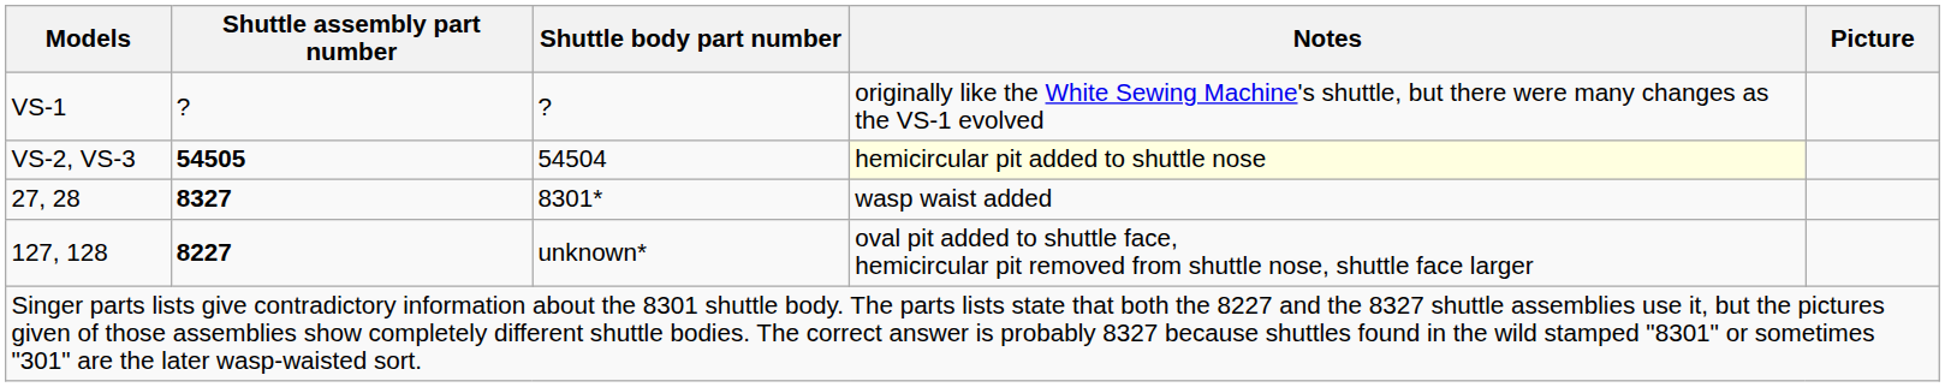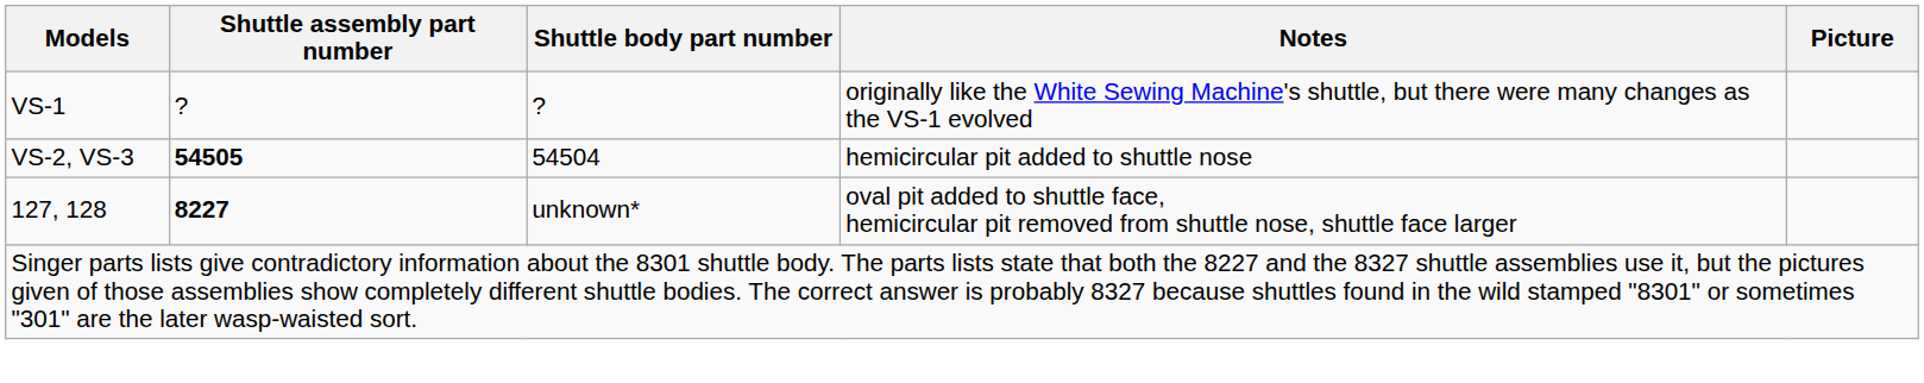 <table border="1" class="wikitable" align="center">
 <tr>
 <th>Models</th>
 <th>Shuttle assembly part number</th>
 <th>Shuttle body part number</th>
 <th>Notes</th>
 <th>Picture</th>
 </tr>
 <tr>
 <td>VS-1</td>
 <td>?</td>
 <td>?</td>
 <td>originally like the <a href='#'>White Sewing Machine</a>'s shuttle, but there were many changes as the VS-1 evolved</td>
 <td></td>
 </tr>
 <tr>
 <td>VS-2, VS-3</td>
 <td><strong>54505</strong></td>
 <td>54504</td>
-<td style="background: lightyellow;">hemicircular pit added to shuttle nose</td>
-<td></td>
-</tr>
-<tr>
-<td>27, 28</td>
-<td><strong>8327</strong></td>
-<td>8301*</td>
-<td>wasp waist added</td>
+<td>hemicircular pit added to shuttle nose</td>
 <td></td>
 </tr>
 <tr>
 <td>127, 128</td>
 <td><strong>8227</strong></td>
 <td>unknown*</td>
 <td>oval pit added to shuttle face,<br>hemicircular pit removed from shuttle nose, shuttle face larger</td>
 <td></td>
 </tr>
 <tr>
 <td colspan="5"> Singer parts lists give contradictory information about the 8301 shuttle body.  The parts lists state that both the 8227 and the 8327 shuttle assemblies use it, but the pictures given of those assemblies show completely different shuttle bodies.  The correct answer is probably 8327 because shuttles found in the wild stamped "8301" or sometimes "301" are the later wasp-waisted sort.</td>
 </tr>
 </table>
